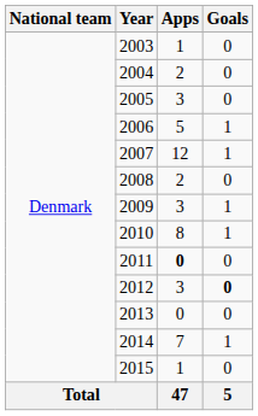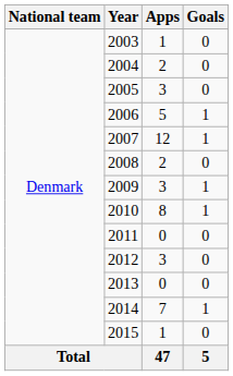 <table class="wikitable" style="text-align:center">
 <tr>
 <th>National team</th>
 <th>Year</th>
 <th>Apps</th>
 <th>Goals</th>
 </tr>
 <tr>
 <td rowspan="13"><a href='#'>Denmark</a></td>
 <td>2003</td>
 <td>1</td>
 <td>0</td>
 </tr>
 <tr>
 <td>2004</td>
 <td>2</td>
 <td>0</td>
 </tr>
 <tr>
 <td>2005</td>
 <td>3</td>
 <td>0</td>
 </tr>
 <tr>
 <td>2006</td>
 <td>5</td>
 <td>1</td>
 </tr>
 <tr>
 <td>2007</td>
 <td>12</td>
 <td>1</td>
 </tr>
 <tr>
 <td>2008</td>
 <td>2</td>
 <td>0</td>
 </tr>
 <tr>
 <td>2009</td>
 <td>3</td>
 <td>1</td>
 </tr>
 <tr>
 <td>2010</td>
 <td>8</td>
 <td>1</td>
 </tr>
 <tr>
 <td>2011</td>
-<td><strong>0</strong></td>
+<td>0</td>
 <td>0</td>
 </tr>
 <tr>
 <td>2012</td>
 <td>3</td>
-<td><strong>0</strong></td>
+<td>0</td>
 </tr>
 <tr>
 <td>2013</td>
 <td>0</td>
 <td>0</td>
 </tr>
 <tr>
 <td>2014</td>
 <td>7</td>
 <td>1</td>
 </tr>
 <tr>
 <td>2015</td>
 <td>1</td>
 <td>0</td>
 </tr>
 <tr>
 <th colspan="2">Total</th>
 <th>47</th>
 <th>5</th>
 </tr>
 </table>
